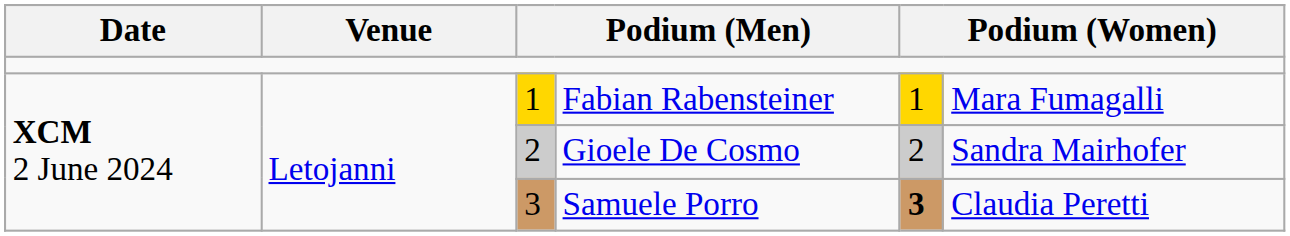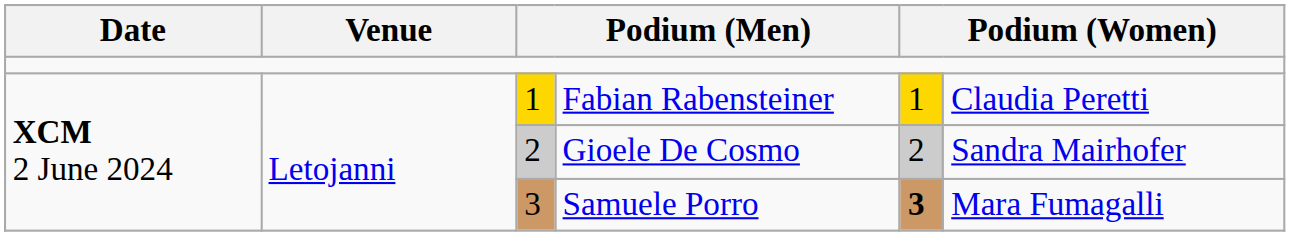 <table class="wikitable" width=70%>
 <tr>
 <th>Date</th>
 <th width=20%>Venue</th>
 <th colspan=2 width=30%>Podium (Men)</th>
 <th colspan=2 width=30%>Podium (Women)</th>
 </tr>
 <tr>
 <td colspan=6></td>
 </tr>
 <tr>
 <td rowspan=3><strong>XCM</strong> <br> 2 June 2024</td>
 <td rowspan=3><br><a href='#'>Letojanni</a></td>
 <td bgcolor=FFD700>1</td>
 <td><a href='#'>Fabian Rabensteiner</a></td>
 <td bgcolor=FFD700>1</td>
-<td><a href='#'>Mara Fumagalli</a></td>
+<td><a href='#'>Claudia Peretti</a></td>
 </tr>
 <tr>
 <td bgcolor=CCCCCC>2</td>
 <td><a href='#'>Gioele De Cosmo</a></td>
 <td bgcolor=CCCCCC>2</td>
 <td><a href='#'>Sandra Mairhofer</a></td>
 </tr>
 <tr>
 <td bgcolor=CC9966>3</td>
 <td><a href='#'>Samuele Porro</a></td>
 <td bgcolor=CC9966><strong>3</strong></td>
-<td><a href='#'>Claudia Peretti</a></td>
+<td><a href='#'>Mara Fumagalli</a></td>
 </tr>
 </table>
